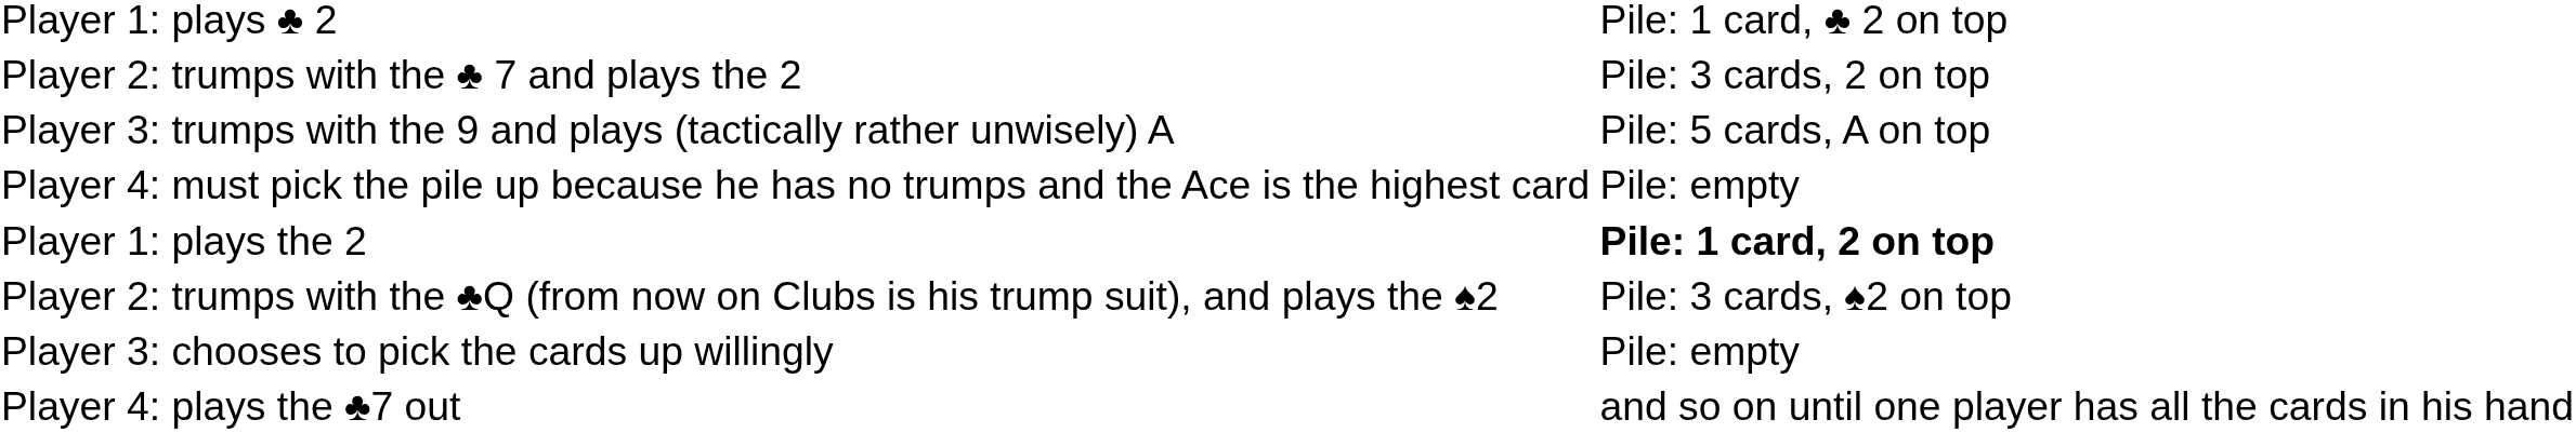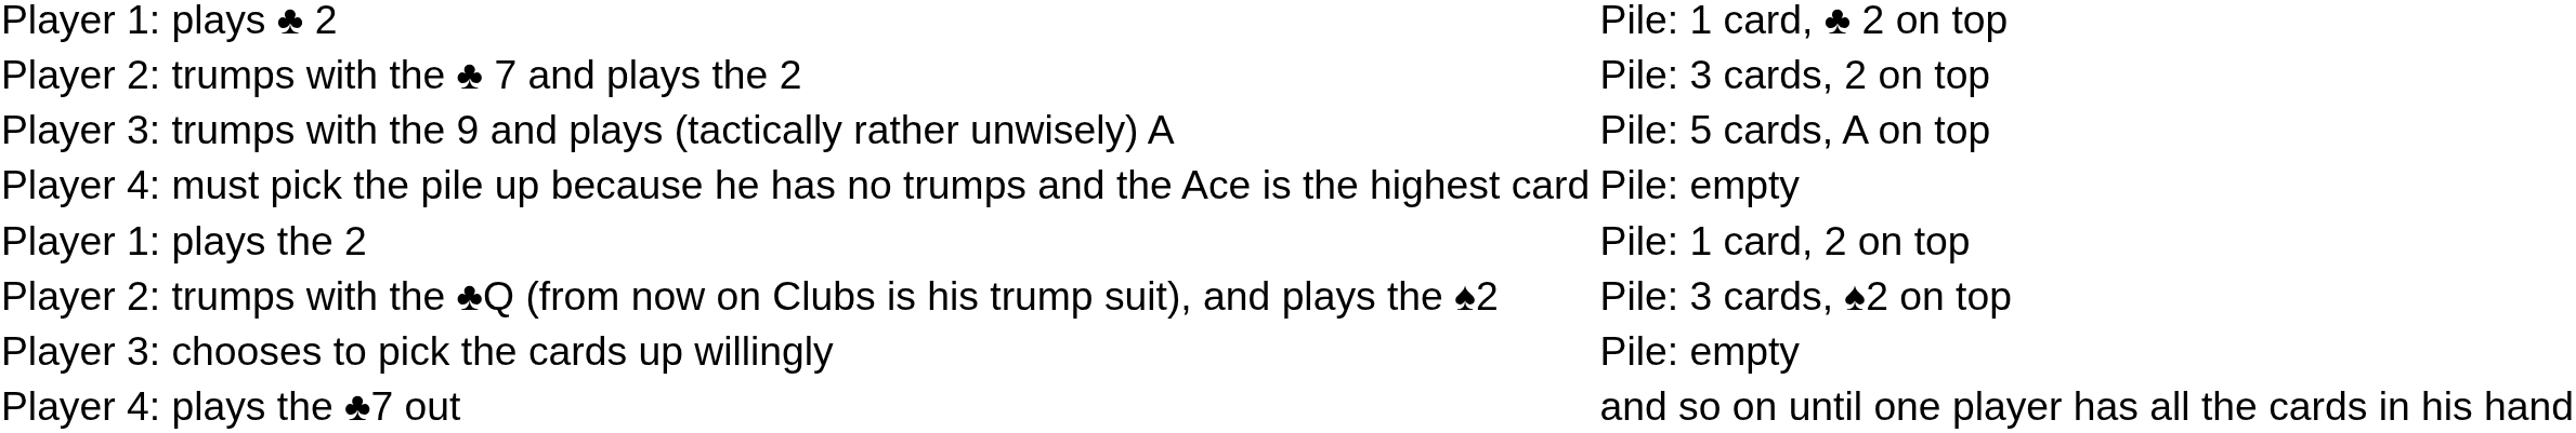 <table>
 <tr>
 <td>Player 1: plays ♣ 2</td>
 <td>Pile: 1 card, ♣ 2 on top</td>
 </tr>
 <tr>
 <td>Player 2: trumps with the ♣ 7 and plays the 2</td>
 <td>Pile: 3 cards,  2 on top</td>
 </tr>
 <tr>
 <td>Player 3: trumps with the 9 and plays (tactically rather unwisely) A</td>
 <td>Pile: 5 cards, A on top</td>
 </tr>
 <tr>
 <td>Player 4: must pick the pile up because he has no trumps and the Ace is the highest card</td>
 <td>Pile: empty</td>
 </tr>
 <tr>
 <td>Player 1: plays the 2</td>
-<td><strong>Pile: 1 card, 2 on top</strong></td>
+<td>Pile: 1 card, 2 on top</td>
 </tr>
 <tr>
 <td>Player 2: trumps with the ♣Q (from now on Clubs is his trump suit), and plays the ♠2</td>
 <td>Pile: 3 cards, ♠2 on top</td>
 </tr>
 <tr>
 <td>Player 3: chooses to pick the cards up willingly</td>
 <td>Pile: empty</td>
 </tr>
 <tr>
 <td>Player 4: plays the ♣7 out</td>
 <td>and so on until one player has all the cards in his hand</td>
 </tr>
 <tr>
 </tr>
 </table>
